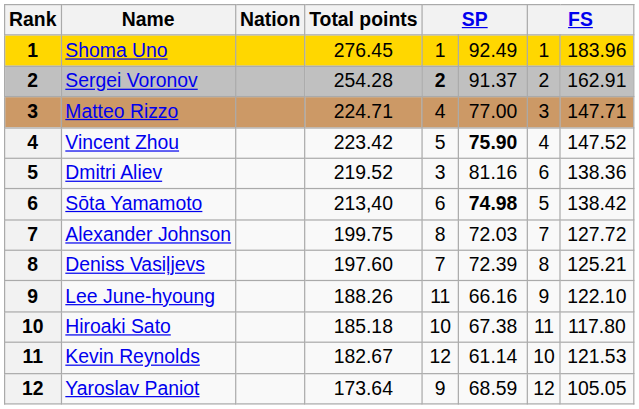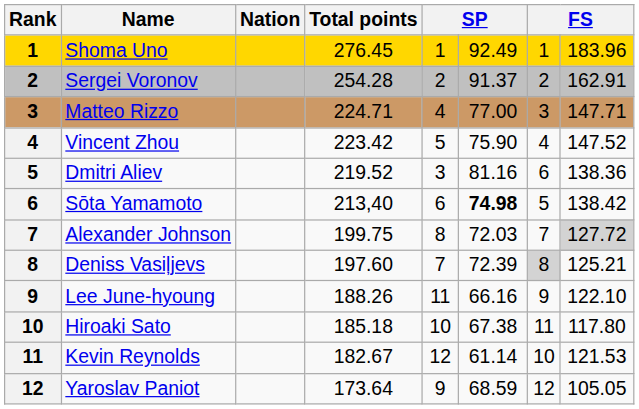 <table class="wikitable sortable">
 <tr>
 <th>Rank</th>
 <th>Name</th>
 <th>Nation</th>
 <th>Total points</th>
 <th colspan="2" width="80px"><a href='#'>SP</a></th>
 <th colspan="2" width="80px"><a href='#'>FS</a></th>
 </tr>
 <tr bgcolor="gold">
 <td align="center"><strong>1</strong></td>
 <td><a href='#'>Shoma Uno</a></td>
 <td></td>
 <td align="center">276.45</td>
 <td align="center">1</td>
 <td align="center">92.49</td>
 <td align="center">1</td>
 <td align="center">183.96</td>
 </tr>
 <tr bgcolor="silver">
 <td align="center"><strong>2</strong></td>
 <td><a href='#'>Sergei Voronov</a></td>
 <td></td>
 <td align="center">254.28</td>
-<td align="center"><strong>2</strong></td>
+<td align="center">2</td>
 <td align="center">91.37</td>
 <td align="center">2</td>
 <td align="center">162.91</td>
 </tr>
 <tr bgcolor="cc9966">
 <td align="center"><strong>3</strong></td>
 <td><a href='#'>Matteo Rizzo</a></td>
 <td></td>
 <td align="center">224.71</td>
 <td align="center">4</td>
 <td align="center">77.00</td>
 <td align="center">3</td>
 <td align="center">147.71</td>
 </tr>
 <tr>
 <th>4</th>
 <td><a href='#'>Vincent Zhou</a></td>
 <td></td>
 <td align="center">223.42</td>
 <td align="center">5</td>
-<td align="center"><strong>75.90</strong></td>
+<td align="center">75.90</td>
 <td align="center">4</td>
 <td align="center">147.52</td>
 </tr>
 <tr>
 <th>5</th>
 <td><a href='#'>Dmitri Aliev</a></td>
 <td></td>
 <td align="center">219.52</td>
 <td align="center">3</td>
 <td align="center">81.16</td>
 <td align="center">6</td>
 <td align="center">138.36</td>
 </tr>
 <tr>
 <th>6</th>
 <td><a href='#'>Sōta Yamamoto</a></td>
 <td></td>
 <td align="center">213,40</td>
 <td align="center">6</td>
 <td align="center"><strong>74.98</strong></td>
 <td align="center">5</td>
 <td align="center">138.42</td>
 </tr>
 <tr>
 <th>7</th>
 <td><a href='#'>Alexander Johnson</a></td>
 <td></td>
 <td align="center">199.75</td>
 <td align="center">8</td>
 <td align="center">72.03</td>
 <td align="center">7</td>
-<td align="center">127.72</td>
+<td align="center" style="background: lightgrey;">127.72</td>
 </tr>
 <tr>
 <th>8</th>
 <td><a href='#'>Deniss Vasiļjevs</a></td>
 <td></td>
 <td align="center">197.60</td>
 <td align="center">7</td>
 <td align="center">72.39</td>
-<td align="center">8</td>
+<td align="center" style="background: lightgrey;">8</td>
 <td align="center">125.21</td>
 </tr>
 <tr>
 <th>9</th>
 <td><a href='#'>Lee June-hyoung</a></td>
 <td></td>
 <td align="center">188.26</td>
 <td align="center">11</td>
 <td align="center">66.16</td>
 <td align="center">9</td>
 <td align="center">122.10</td>
 </tr>
 <tr>
 <th>10</th>
 <td><a href='#'>Hiroaki Sato</a></td>
 <td></td>
 <td align="center">185.18</td>
 <td align="center">10</td>
 <td align="center">67.38</td>
 <td align="center">11</td>
 <td align="center">117.80</td>
 </tr>
 <tr>
 <th>11</th>
 <td><a href='#'>Kevin Reynolds</a></td>
 <td></td>
 <td align="center">182.67</td>
 <td align="center">12</td>
 <td align="center">61.14</td>
 <td align="center">10</td>
 <td align="center">121.53</td>
 </tr>
 <tr>
 <th>12</th>
 <td><a href='#'>Yaroslav Paniot</a></td>
 <td></td>
 <td align="center">173.64</td>
 <td align="center">9</td>
 <td align="center">68.59</td>
 <td align="center">12</td>
 <td align="center">105.05</td>
 </tr>
 </table>
